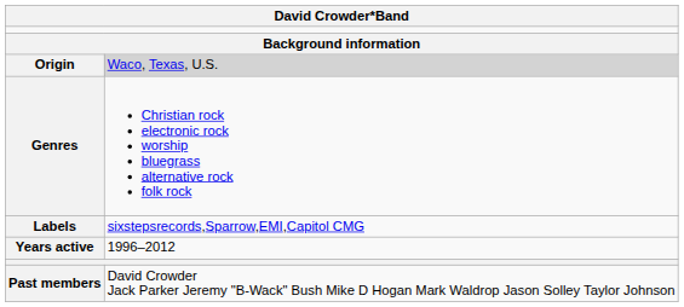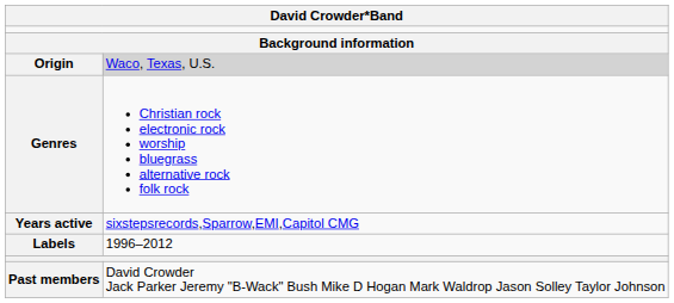 <table class="wikitable">
 <tr>
 <th colspan="2">David Crowder*Band</th>
 </tr>
 <tr>
 <td colspan="2"></td>
 </tr>
 <tr>
 <th colspan="2">Background information</th>
 </tr>
 <tr>
 <th>Origin</th>
 <td style="background: lightgrey;"><a href='#'>Waco</a>, <a href='#'>Texas</a>, U.S.</td>
 </tr>
 <tr>
 <th>Genres</th>
 <td><br><ul><li><a href='#'>Christian rock</a></li><li><a href='#'>electronic rock</a></li><li><a href='#'>worship</a></li><li><a href='#'>bluegrass</a></li><li><a href='#'>alternative rock</a></li><li><a href='#'>folk rock</a></li></ul></td>
 </tr>
 <tr>
-<th>Labels</th>
+<th>Years active</th>
 <td><a href='#'>sixstepsrecords</a>,<a href='#'>Sparrow</a>,<a href='#'>EMI</a>,<a href='#'>Capitol CMG</a></td>
 </tr>
 <tr>
-<th>Years active</th>
+<th>Labels</th>
 <td>1996–2012</td>
 </tr>
 <tr>
 <th colspan="2"></th>
 </tr>
 <tr>
 <th>Past members</th>
 <td>David Crowder<br>Jack Parker Jeremy "B-Wack" Bush Mike D Hogan Mark Waldrop Jason Solley Taylor Johnson</td>
 </tr>
 </table>
